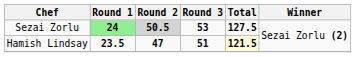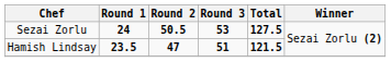 <table class="wikitable"  style="float:left; margin:auto; text-align:center;">
 <tr>
 <th>Chef</th>
 <th>Round 1</th>
 <th>Round 2</th>
 <th>Round 3</th>
 <th>Total</th>
 <th>Winner</th>
 </tr>
 <tr>
 <td>Sezai Zorlu</td>
-<td style="background: lightgreen;"><strong>24</strong></td>
-<td style="background: lightgrey;"><strong>50.5</strong></td>
+<td><strong>24</strong></td>
+<td><strong>50.5</strong></td>
 <td><strong>53</strong></td>
 <td><strong>127.5</strong></td>
 <td rowspan=2>Sezai Zorlu <strong>(2)</strong></td>
 </tr>
 <tr>
 <td>Hamish Lindsay</td>
 <td><strong>23.5</strong></td>
 <td><strong>47</strong></td>
 <td><strong>51</strong></td>
-<td style="background: lightyellow;"><strong>121.5</strong></td>
+<td><strong>121.5</strong></td>
 </tr>
 <tr>
 </tr>
 </table>
